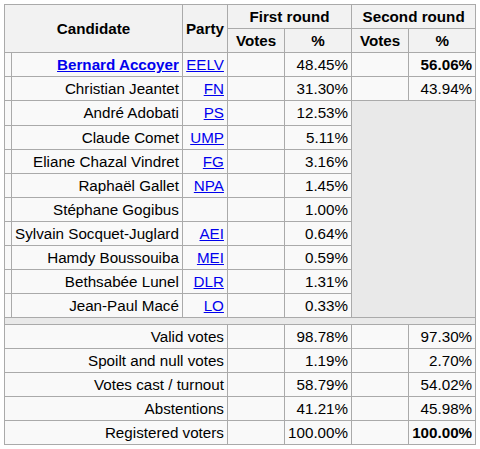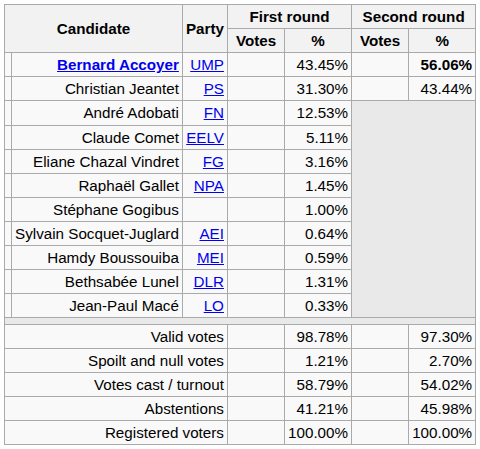 <table class="wikitable" style="text-align:right;font-size:95%;">
 <tr>
 <th rowspan=2 colspan=2>Candidate</th>
 <th rowspan=2 colspan=1>Party</th>
 <th colspan=2>First round</th>
 <th colspan=2>Second round</th>
 </tr>
 <tr>
 <th style="width:50px;">Votes</th>
 <th style="width:55px;">%</th>
 <th style="width:50px;">Votes</th>
 <th style="width:55px;">%</th>
 </tr>
 <tr>
 <td style="color:inherit;background-color:"></td>
 <td><strong><a href='#'>Bernard Accoyer</a></strong></td>
-<td><a href='#'>EELV</a></td>
+<td><a href='#'>UMP</a></td>
 <td></td>
-<td>48.45%</td>
+<td>43.45%</td>
 <td><strong></strong></td>
 <td><strong>56.06%</strong></td>
 </tr>
 <tr>
 <td style="color:inherit;background-color:"></td>
 <td>Christian Jeantet</td>
-<td><a href='#'>FN</a></td>
+<td><a href='#'>PS</a></td>
 <td></td>
 <td>31.30%</td>
 <td></td>
-<td>43.94%</td>
+<td>43.44%</td>
 </tr>
 <tr>
 <td style="color:inherit;background-color:"></td>
 <td>André Adobati</td>
-<td><a href='#'>PS</a></td>
+<td><a href='#'>FN</a></td>
 <td></td>
 <td>12.53%</td>
 <td colspan=7 rowspan=9 style="background-color:#E9E9E9;"></td>
 </tr>
 <tr>
 <td style="color:inherit;background-color:"></td>
 <td>Claude Comet</td>
-<td><a href='#'>UMP</a></td>
+<td><a href='#'>EELV</a></td>
 <td></td>
 <td>5.11%</td>
 </tr>
 <tr>
 <td style="color:inherit;background-color:"></td>
 <td>Eliane Chazal Vindret</td>
 <td><a href='#'>FG</a></td>
 <td></td>
 <td>3.16%</td>
 </tr>
 <tr>
 <td style="color:inherit;background-color:"></td>
 <td>Raphaël Gallet</td>
 <td><a href='#'>NPA</a></td>
 <td></td>
 <td>1.45%</td>
 </tr>
 <tr>
 <td style="color:inherit;background-color:"></td>
 <td>Stéphane Gogibus</td>
 <td></td>
 <td></td>
 <td>1.00%</td>
 </tr>
 <tr>
 <td style="color:inherit;background-color:"></td>
 <td>Sylvain Socquet-Juglard</td>
 <td><a href='#'>AEI</a></td>
 <td></td>
 <td>0.64%</td>
 </tr>
 <tr>
 <td style="color:inherit;background-color:"></td>
 <td>Hamdy Boussouiba</td>
 <td><a href='#'>MEI</a></td>
 <td></td>
 <td>0.59%</td>
 </tr>
 <tr>
 <td style="color:inherit;background-color:"></td>
 <td>Bethsabée Lunel</td>
 <td><a href='#'>DLR</a></td>
 <td></td>
 <td>1.31%</td>
 </tr>
 <tr>
 <td style="color:inherit;background-color:"></td>
 <td>Jean-Paul Macé</td>
 <td><a href='#'>LO</a></td>
 <td></td>
 <td>0.33%</td>
 </tr>
 <tr>
 <td colspan=7 style="background-color:#E9E9E9;"></td>
 </tr>
 <tr>
 <td colspan=3>Valid votes</td>
 <td></td>
 <td>98.78%</td>
 <td></td>
 <td>97.30%</td>
 </tr>
 <tr>
 <td colspan=3>Spoilt and null votes</td>
 <td></td>
-<td>1.19%</td>
+<td>1.21%</td>
 <td></td>
 <td>2.70%</td>
 </tr>
 <tr>
 <td colspan=3>Votes cast / turnout</td>
 <td></td>
 <td>58.79%</td>
 <td></td>
 <td>54.02%</td>
 </tr>
 <tr>
 <td colspan=3>Abstentions</td>
 <td></td>
 <td>41.21%</td>
 <td></td>
 <td>45.98%</td>
 </tr>
 <tr>
 <td colspan=3>Registered voters</td>
 <td></td>
 <td>100.00%</td>
 <td></td>
-<td><strong>100.00%</strong></td>
+<td>100.00%</td>
 </tr>
 </table>
